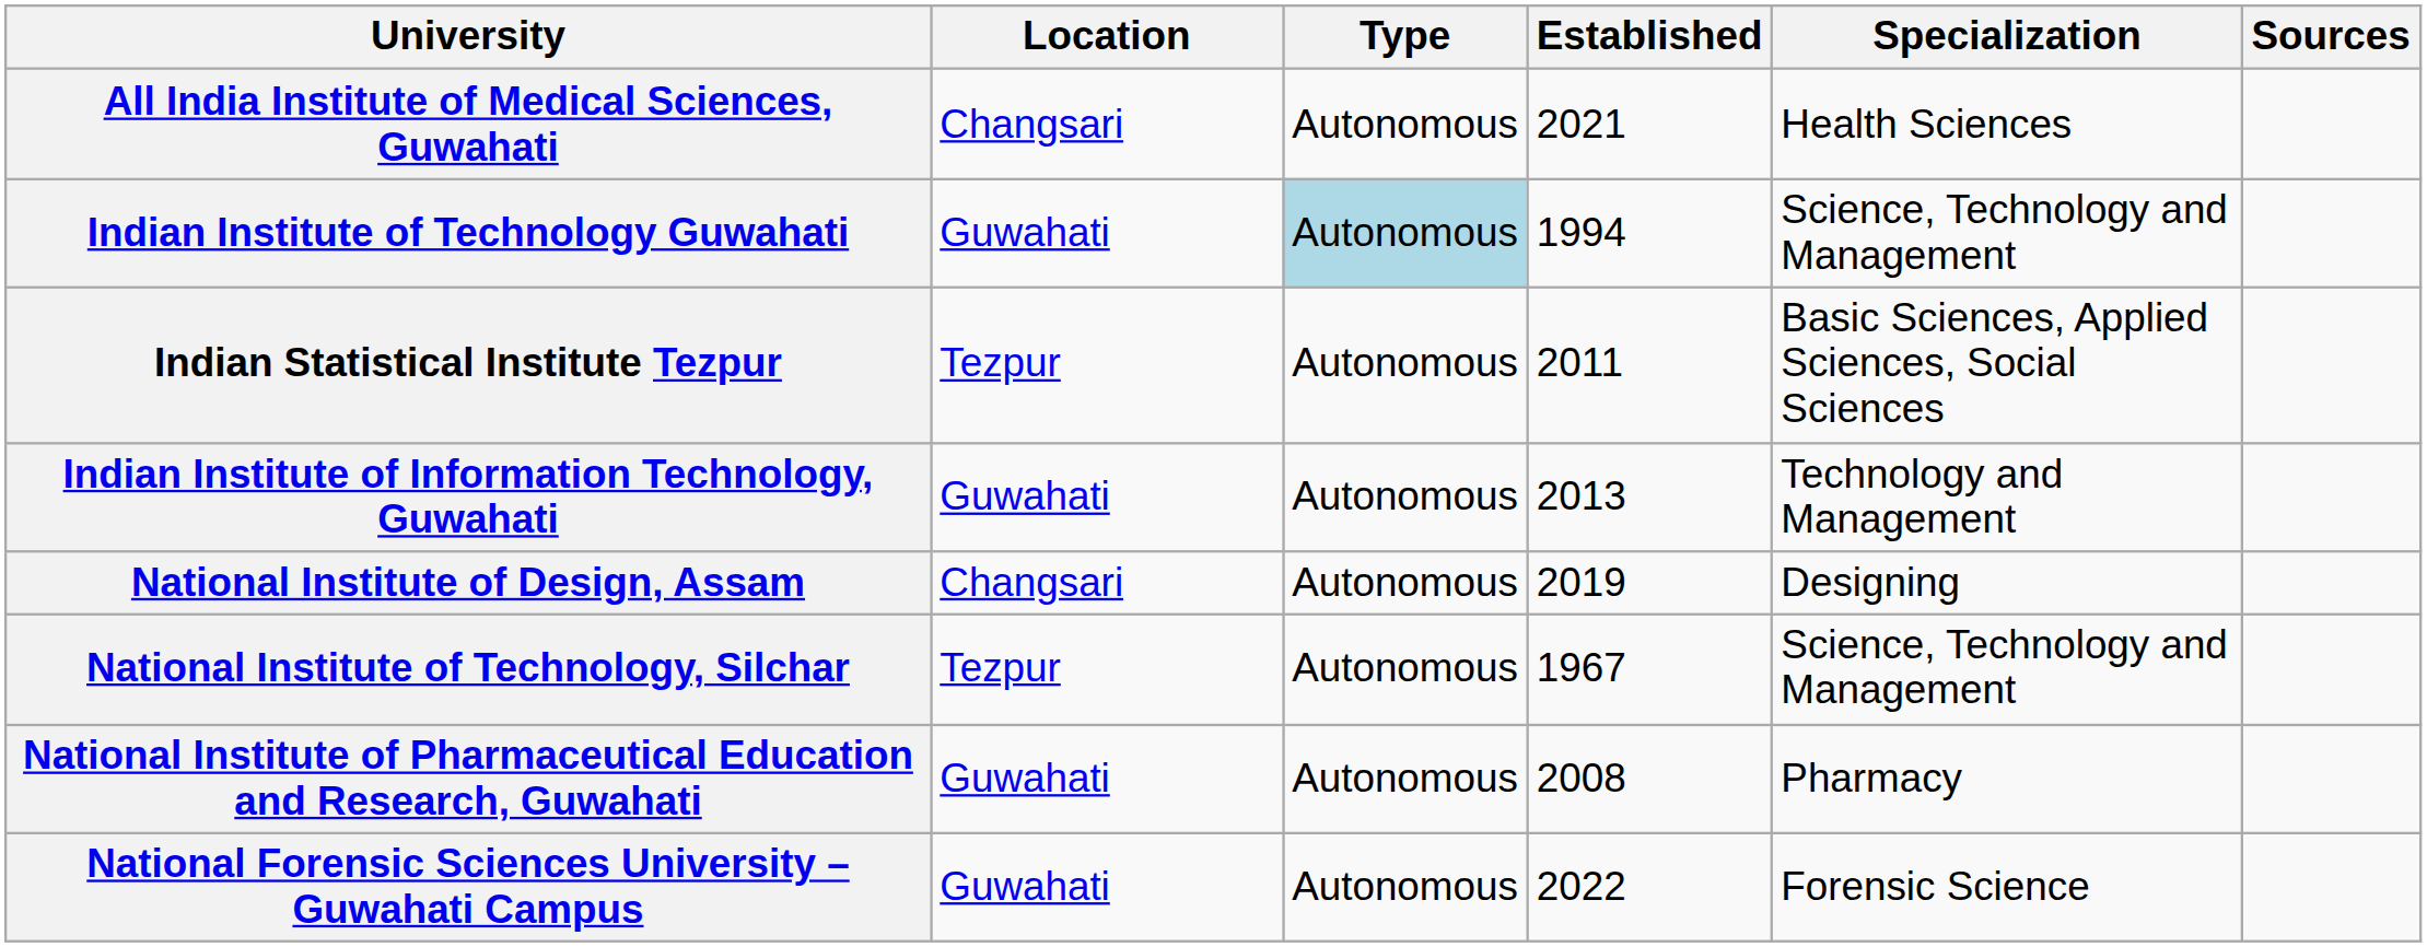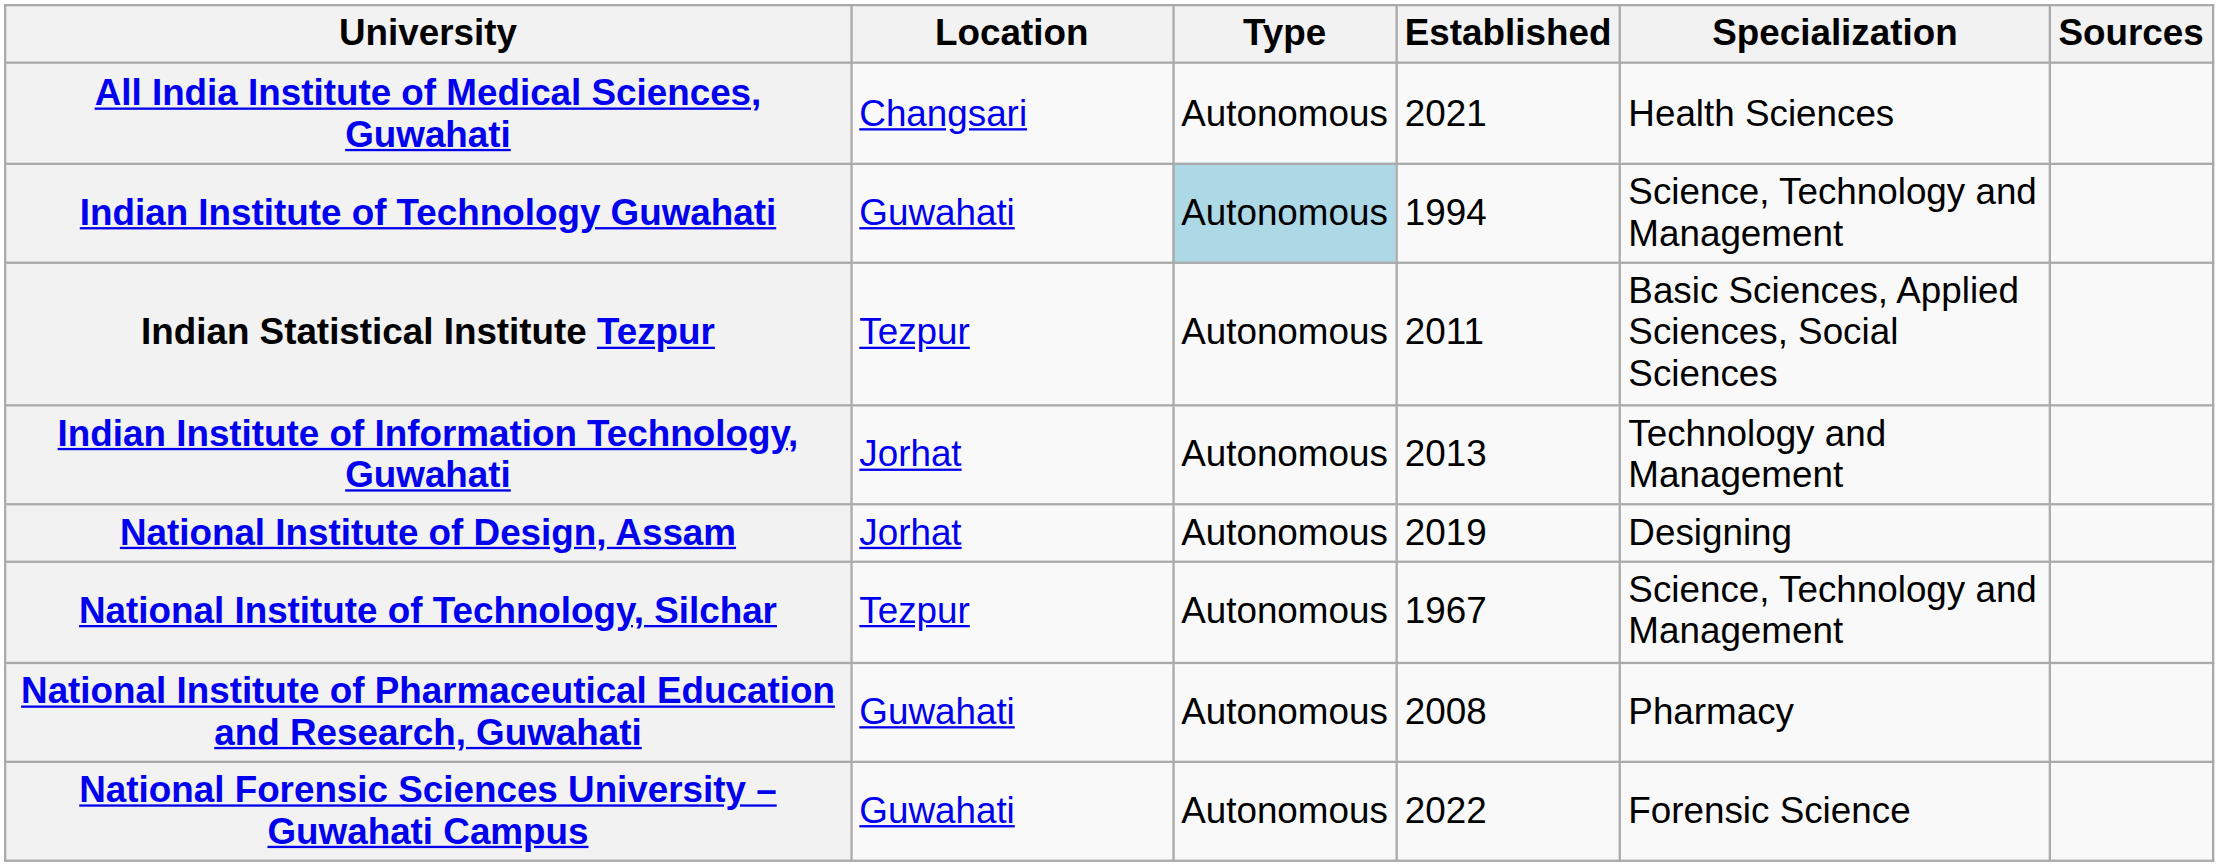 <table class="wikitable sortable collapsible plainrowheaders" style="-align:left; width:76%;">
 <tr>
 <th scope="col" style="width: 40%;">University</th>
 <th scope="col" style="width: 15%;">Location</th>
 <th scope="col" style="width: 10%;">Type</th>
 <th scope="col" style="width: 10%;">Established</th>
 <th scope="col" style="width: 20%;">Specialization</th>
 <th scope="col" style="width: 05%;">Sources</th>
 </tr>
 <tr>
 <th scope="row"><a href='#'>All India Institute of Medical Sciences, Guwahati</a></th>
 <td><a href='#'>Changsari</a></td>
 <td>Autonomous</td>
 <td>2021</td>
 <td>Health Sciences</td>
 <td></td>
 </tr>
 <tr>
 <th scope="row"><a href='#'>Indian Institute of Technology Guwahati</a></th>
 <td><a href='#'>Guwahati</a></td>
 <td style="background: lightblue;">Autonomous</td>
 <td>1994</td>
 <td>Science, Technology and Management</td>
 <td></td>
 </tr>
 <tr>
 <th scope="row">Indian Statistical Institute <a href='#'>Tezpur</a></th>
 <td><a href='#'>Tezpur</a></td>
 <td>Autonomous</td>
 <td>2011</td>
 <td>Basic Sciences, Applied Sciences, Social Sciences</td>
 <td></td>
 </tr>
 <tr>
 <th scope="row"><a href='#'>Indian Institute of Information Technology, Guwahati</a></th>
-<td><a href='#'>Guwahati</a></td>
+<td><a href='#'>Jorhat</a></td>
 <td>Autonomous</td>
 <td>2013</td>
 <td>Technology and Management</td>
 <td></td>
 </tr>
 <tr>
 <th scope="row"><a href='#'>National Institute of Design, Assam</a></th>
-<td><a href='#'>Changsari</a></td>
+<td><a href='#'>Jorhat</a></td>
 <td>Autonomous</td>
 <td>2019</td>
 <td>Designing</td>
 <td></td>
 </tr>
 <tr>
 <th scope="row"><a href='#'>National Institute of Technology, Silchar</a></th>
 <td><a href='#'>Tezpur</a></td>
 <td>Autonomous</td>
 <td>1967</td>
 <td>Science, Technology and Management</td>
 <td></td>
 </tr>
 <tr>
 <th scope="row"><a href='#'>National Institute of Pharmaceutical Education and Research, Guwahati</a></th>
 <td><a href='#'>Guwahati</a></td>
 <td>Autonomous</td>
 <td>2008</td>
 <td>Pharmacy</td>
 <td></td>
 </tr>
 <tr>
 <th scope="row"><a href='#'> National Forensic Sciences University – Guwahati Campus</a></th>
 <td><a href='#'>Guwahati</a></td>
 <td>Autonomous</td>
 <td>2022</td>
 <td>Forensic Science</td>
 <td></td>
 </tr>
 </table>
